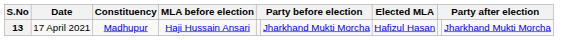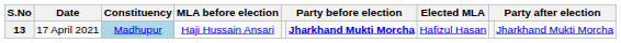 <table class="wikitable sortable" style="text-align:center;">
 <tr>
 <th>S.No</th>
 <th>Date</th>
 <th>Constituency</th>
 <th>MLA before election</th>
 <th colspan="2">Party before election</th>
 <th>Elected MLA</th>
 <th colspan="2">Party after election</th>
 </tr>
 <tr>
 <th>13</th>
 <td>17 April 2021</td>
-<td><a href='#'>Madhupur</a></td>
+<td style="background: lightblue;"><a href='#'>Madhupur</a></td>
 <td><a href='#'>Haji Hussain Ansari</a></td>
 <td></td>
-<td><a href='#'>Jharkhand Mukti Morcha</a></td>
+<td><strong><a href='#'>Jharkhand Mukti Morcha</a></strong></td>
 <td><a href='#'>Hafizul Hasan</a></td>
 <td></td>
 <td><a href='#'>Jharkhand Mukti Morcha</a></td>
 </tr>
 </table>
